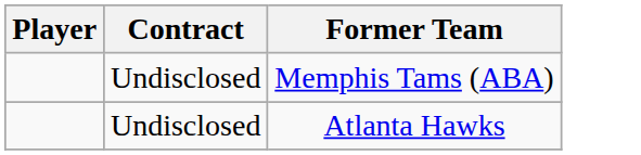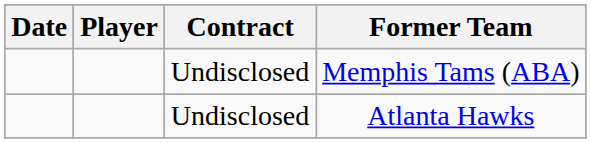 <table class="wikitable sortable sortable">
 <tr>
+<th>Date</th>
 <th>Player</th>
 <th>Contract</th>
 <th>Former Team</th>
 </tr>
 <tr style="text-align: center">
 <td></td>
+<td></td>
 <td>Undisclosed</td>
 <td><a href='#'>Memphis Tams</a> (<a href='#'>ABA</a>)</td>
 </tr>
 <tr style="text-align: center">
 <td></td>
+<td></td>
 <td>Undisclosed</td>
 <td><a href='#'>Atlanta Hawks</a></td>
 </tr>
 </table>
